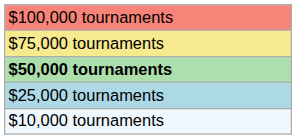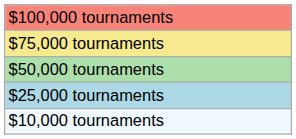 <table class="wikitable" style="font-size:85%;" width=12%>
 <tr bgcolor="#F88379">
 <td>$100,000 tournaments</td>
 </tr>
 <tr bgcolor="#F7E98E">
 <td>$75,000 tournaments</td>
 </tr>
 <tr bgcolor="#ADDFAD">
-<td><strong>$50,000 tournaments</strong></td>
+<td>$50,000 tournaments</td>
 </tr>
 <tr bgcolor="lightblue">
 <td>$25,000 tournaments</td>
 </tr>
 <tr bgcolor="#f0f8ff">
 <td>$10,000 tournaments</td>
 </tr>
 </table>
